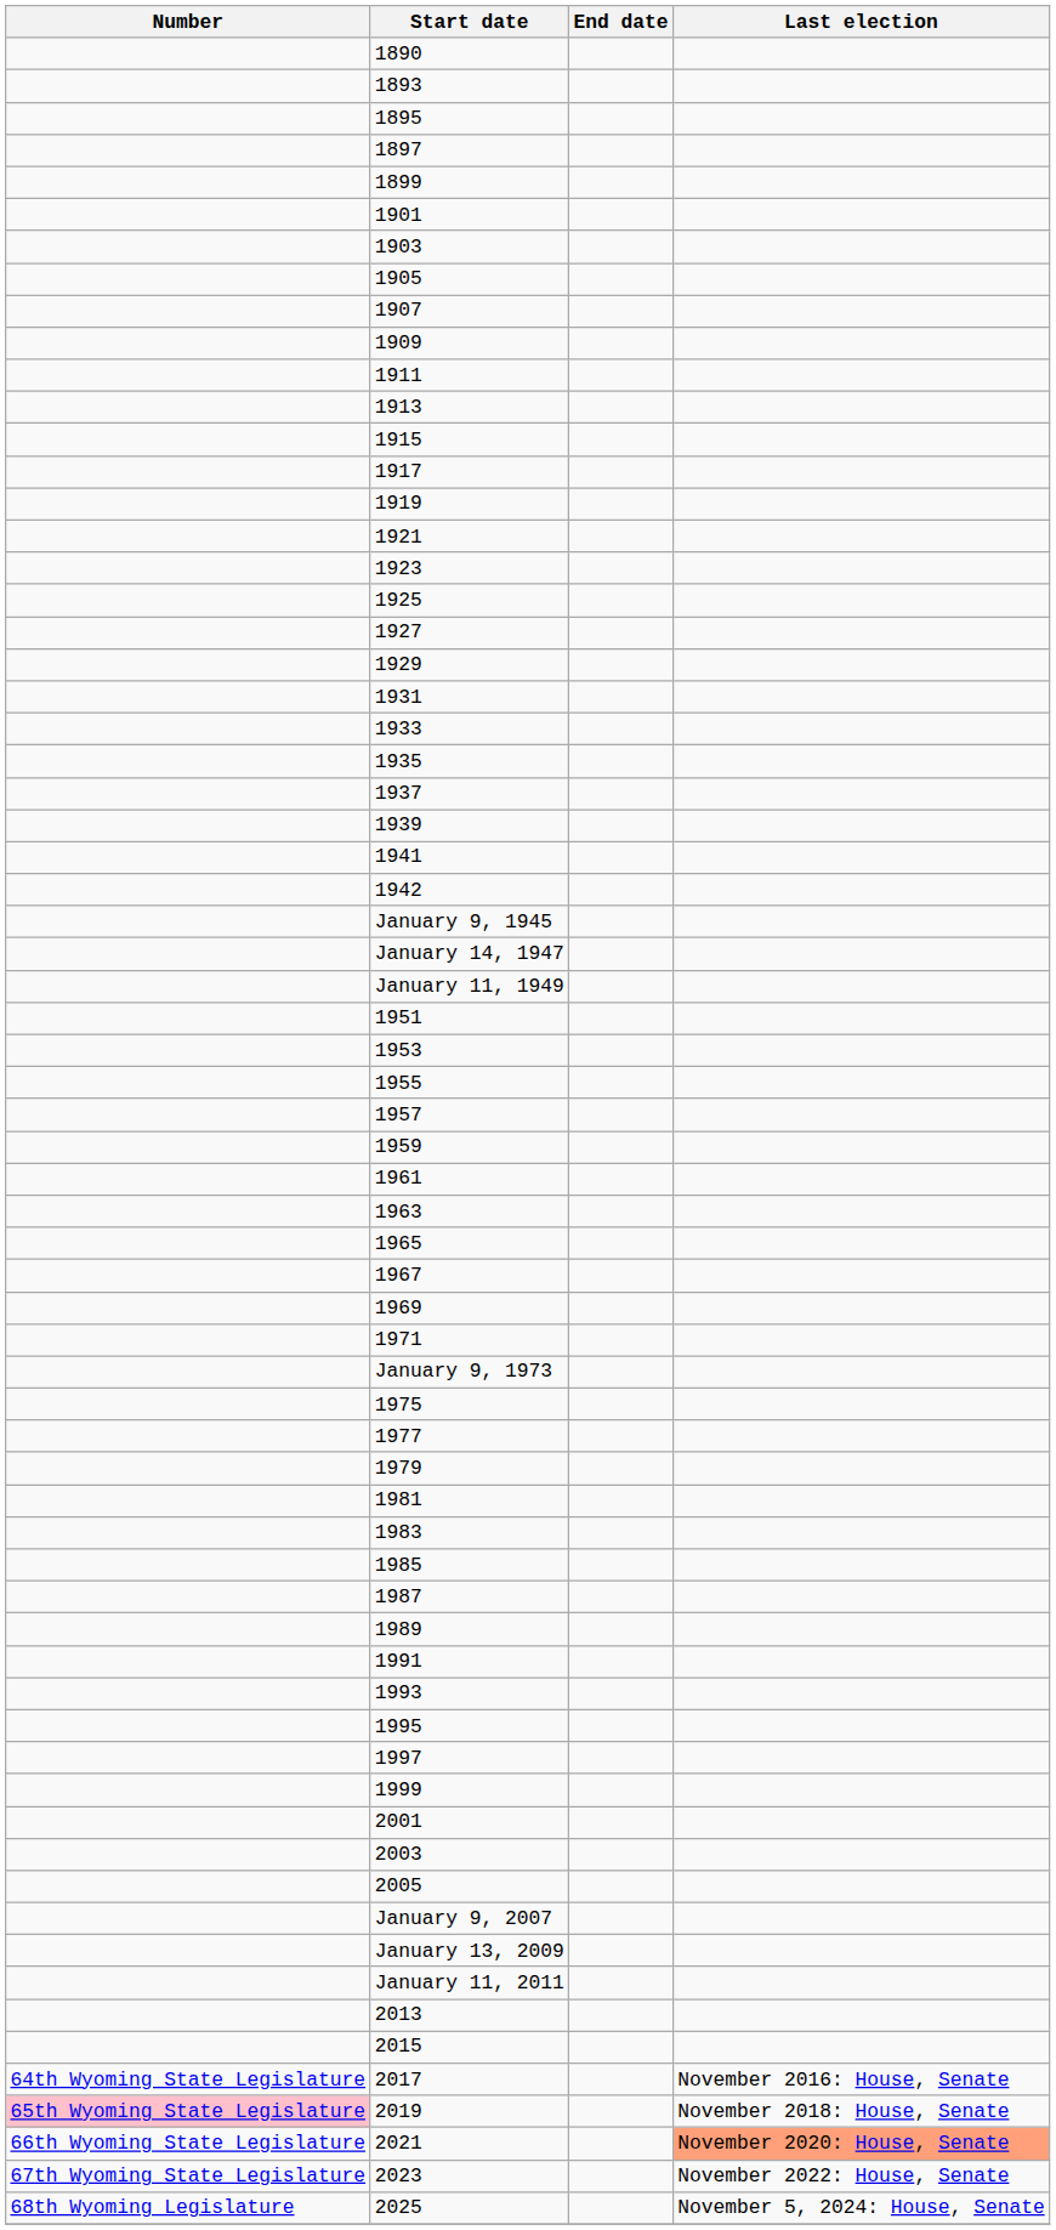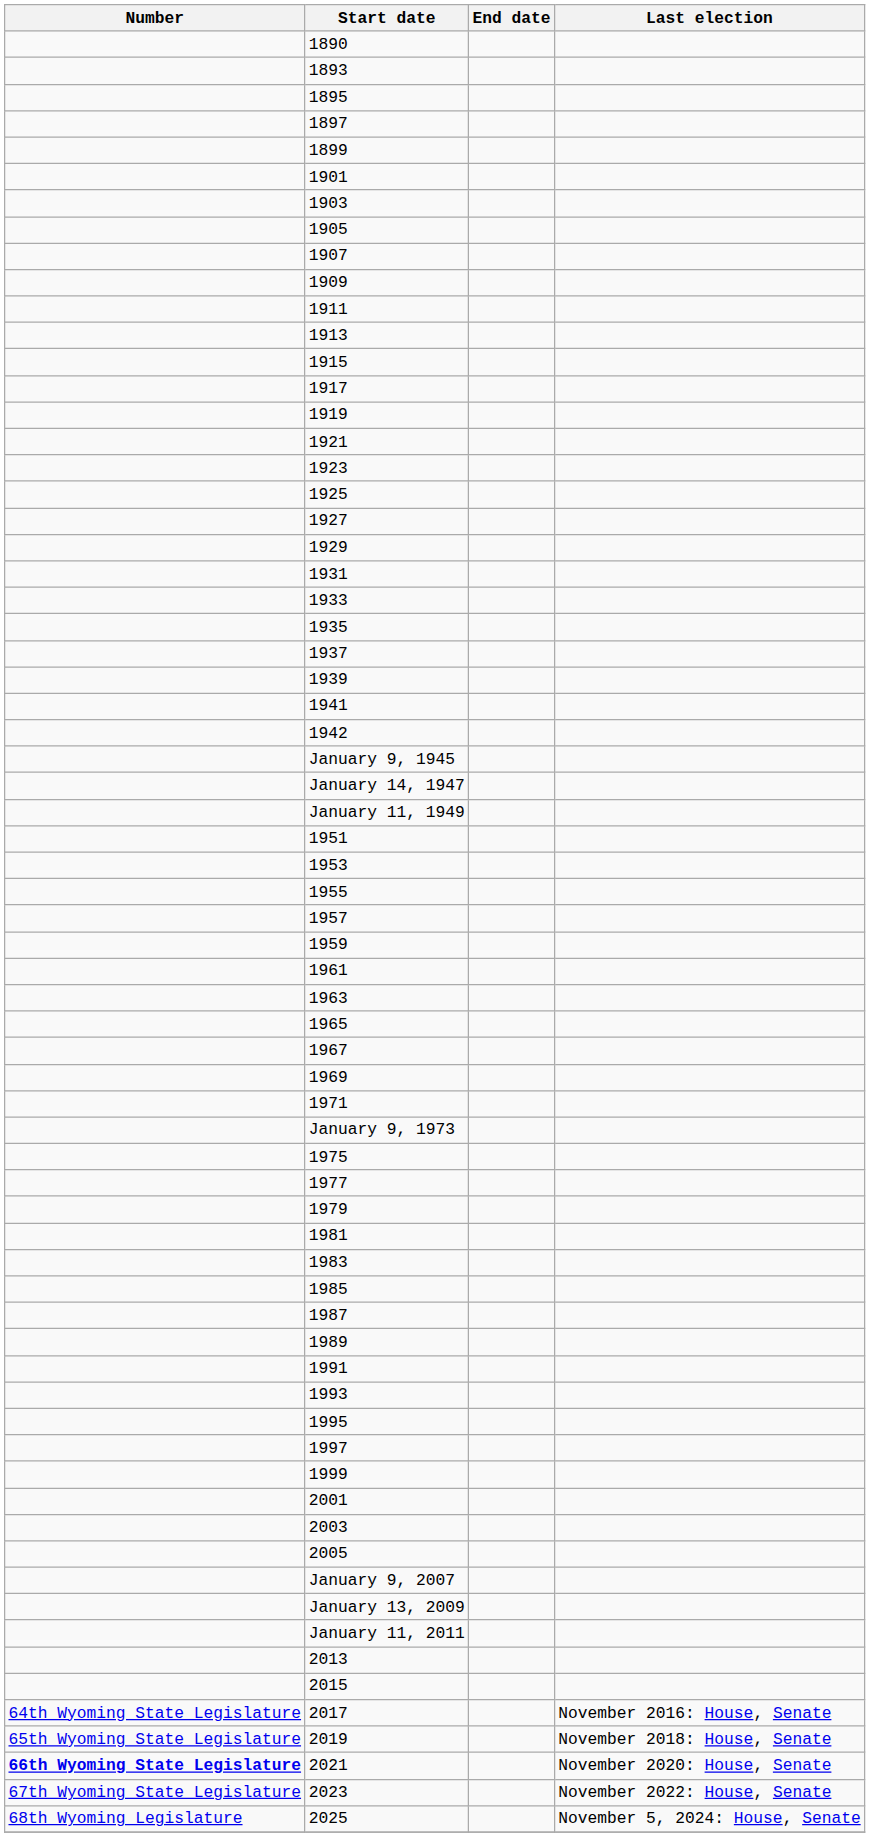 <table class="wikitable mw-datatable sticky-header">
 <tr>
 <th>Number</th>
 <th>Start date</th>
 <th>End date</th>
 <th>Last election</th>
 </tr>
 <tr>
 <td></td>
 <td>1890</td>
 <td></td>
 <td></td>
 </tr>
 <tr>
 <td></td>
 <td>1893</td>
 <td></td>
 <td></td>
 </tr>
 <tr>
 <td></td>
 <td>1895</td>
 <td></td>
 <td></td>
 </tr>
 <tr>
 <td></td>
 <td>1897</td>
 <td></td>
 <td></td>
 </tr>
 <tr>
 <td></td>
 <td>1899</td>
 <td></td>
 <td></td>
 </tr>
 <tr>
 <td></td>
 <td>1901</td>
 <td></td>
 <td></td>
 </tr>
 <tr>
 <td></td>
 <td>1903</td>
 <td></td>
 <td></td>
 </tr>
 <tr>
 <td></td>
 <td>1905</td>
 <td></td>
 <td></td>
 </tr>
 <tr>
 <td></td>
 <td>1907</td>
 <td></td>
 <td></td>
 </tr>
 <tr>
 <td></td>
 <td>1909</td>
 <td></td>
 <td></td>
 </tr>
 <tr>
 <td></td>
 <td>1911</td>
 <td></td>
 <td></td>
 </tr>
 <tr>
 <td></td>
 <td>1913</td>
 <td></td>
 <td></td>
 </tr>
 <tr>
 <td></td>
 <td>1915</td>
 <td></td>
 <td></td>
 </tr>
 <tr>
 <td></td>
 <td>1917</td>
 <td></td>
 <td></td>
 </tr>
 <tr>
 <td></td>
 <td>1919</td>
 <td></td>
 <td></td>
 </tr>
 <tr>
 <td></td>
 <td>1921</td>
 <td></td>
 <td></td>
 </tr>
 <tr>
 <td></td>
 <td>1923</td>
 <td></td>
 <td></td>
 </tr>
 <tr>
 <td></td>
 <td>1925</td>
 <td></td>
 <td></td>
 </tr>
 <tr>
 <td></td>
 <td>1927</td>
 <td></td>
 <td></td>
 </tr>
 <tr>
 <td></td>
 <td>1929</td>
 <td></td>
 <td></td>
 </tr>
 <tr>
 <td></td>
 <td>1931</td>
 <td></td>
 <td></td>
 </tr>
 <tr>
 <td></td>
 <td>1933</td>
 <td></td>
 <td></td>
 </tr>
 <tr>
 <td></td>
 <td>1935</td>
 <td></td>
 <td></td>
 </tr>
 <tr>
 <td></td>
 <td>1937</td>
 <td></td>
 <td></td>
 </tr>
 <tr>
 <td></td>
 <td>1939</td>
 <td></td>
 <td></td>
 </tr>
 <tr>
 <td></td>
 <td>1941 </td>
 <td></td>
 <td></td>
 </tr>
 <tr>
 <td></td>
 <td>1942</td>
 <td></td>
 <td></td>
 </tr>
 <tr>
 <td></td>
 <td>January 9, 1945 </td>
 <td></td>
 <td></td>
 </tr>
 <tr>
 <td></td>
 <td>January 14, 1947 </td>
 <td></td>
 <td></td>
 </tr>
 <tr>
 <td></td>
 <td>January 11, 1949 </td>
 <td></td>
 <td></td>
 </tr>
 <tr>
 <td></td>
 <td>1951 </td>
 <td></td>
 <td></td>
 </tr>
 <tr>
 <td></td>
 <td>1953</td>
 <td></td>
 <td></td>
 </tr>
 <tr>
 <td></td>
 <td>1955</td>
 <td></td>
 <td></td>
 </tr>
 <tr>
 <td></td>
 <td>1957</td>
 <td></td>
 <td></td>
 </tr>
 <tr>
 <td></td>
 <td>1959</td>
 <td></td>
 <td></td>
 </tr>
 <tr>
 <td></td>
 <td>1961</td>
 <td></td>
 <td></td>
 </tr>
 <tr>
 <td></td>
 <td>1963 </td>
 <td></td>
 <td></td>
 </tr>
 <tr>
 <td></td>
 <td>1965</td>
 <td></td>
 <td></td>
 </tr>
 <tr>
 <td></td>
 <td>1967</td>
 <td></td>
 <td></td>
 </tr>
 <tr>
 <td></td>
 <td>1969</td>
 <td></td>
 <td></td>
 </tr>
 <tr>
 <td></td>
 <td>1971</td>
 <td></td>
 <td></td>
 </tr>
 <tr>
 <td></td>
 <td>January 9, 1973 </td>
 <td></td>
 <td></td>
 </tr>
 <tr>
 <td></td>
 <td>1975 </td>
 <td></td>
 <td></td>
 </tr>
 <tr>
 <td></td>
 <td>1977 </td>
 <td></td>
 <td></td>
 </tr>
 <tr>
 <td></td>
 <td>1979 </td>
 <td></td>
 <td></td>
 </tr>
 <tr>
 <td></td>
 <td>1981 </td>
 <td></td>
 <td></td>
 </tr>
 <tr>
 <td></td>
 <td>1983 </td>
 <td></td>
 <td></td>
 </tr>
 <tr>
 <td></td>
 <td>1985 </td>
 <td></td>
 <td></td>
 </tr>
 <tr>
 <td></td>
 <td>1987 </td>
 <td></td>
 <td></td>
 </tr>
 <tr>
 <td></td>
 <td>1989 </td>
 <td></td>
 <td></td>
 </tr>
 <tr>
 <td></td>
 <td>1991</td>
 <td></td>
 <td></td>
 </tr>
 <tr>
 <td></td>
 <td>1993</td>
 <td></td>
 <td></td>
 </tr>
 <tr>
 <td></td>
 <td>1995</td>
 <td></td>
 <td></td>
 </tr>
 <tr>
 <td></td>
 <td>1997 </td>
 <td></td>
 <td></td>
 </tr>
 <tr>
 <td></td>
 <td>1999</td>
 <td></td>
 <td></td>
 </tr>
 <tr>
 <td></td>
 <td>2001</td>
 <td></td>
 <td></td>
 </tr>
 <tr>
 <td></td>
 <td>2003</td>
 <td></td>
 <td></td>
 </tr>
 <tr>
 <td></td>
 <td>2005</td>
 <td></td>
 <td></td>
 </tr>
 <tr>
 <td></td>
 <td>January 9, 2007</td>
 <td></td>
 <td></td>
 </tr>
 <tr>
 <td></td>
 <td>January 13, 2009</td>
 <td></td>
 <td></td>
 </tr>
 <tr>
 <td></td>
 <td>January 11, 2011</td>
 <td></td>
 <td></td>
 </tr>
 <tr>
 <td></td>
 <td>2013</td>
 <td></td>
 <td></td>
 </tr>
 <tr>
 <td></td>
 <td>2015</td>
 <td></td>
 <td></td>
 </tr>
 <tr>
 <td><a href='#'>64th Wyoming State Legislature</a></td>
 <td>2017</td>
 <td></td>
 <td>November 2016: <a href='#'>House</a>, <a href='#'>Senate</a></td>
 </tr>
 <tr>
-<td style="background: pink;"><a href='#'>65th Wyoming State Legislature</a></td>
+<td><a href='#'>65th Wyoming State Legislature</a></td>
 <td>2019</td>
 <td></td>
 <td>November 2018: <a href='#'>House</a>, <a href='#'>Senate</a></td>
 </tr>
 <tr>
-<td><a href='#'>66th Wyoming State Legislature</a></td>
+<td><strong><a href='#'>66th Wyoming State Legislature</a></strong></td>
 <td>2021</td>
 <td></td>
-<td style="background: lightsalmon;">November 2020: <a href='#'>House</a>, <a href='#'>Senate</a></td>
+<td>November 2020: <a href='#'>House</a>, <a href='#'>Senate</a></td>
 </tr>
 <tr>
 <td><a href='#'>67th Wyoming State Legislature</a></td>
 <td>2023</td>
 <td></td>
 <td>November 2022: <a href='#'>House</a>, <a href='#'>Senate</a></td>
 </tr>
 <tr>
 <td><a href='#'>68th Wyoming Legislature</a></td>
 <td>2025</td>
 <td></td>
 <td>November 5, 2024: <a href='#'>House</a>, <a href='#'>Senate</a></td>
 </tr>
 <tr>
 </tr>
 </table>
